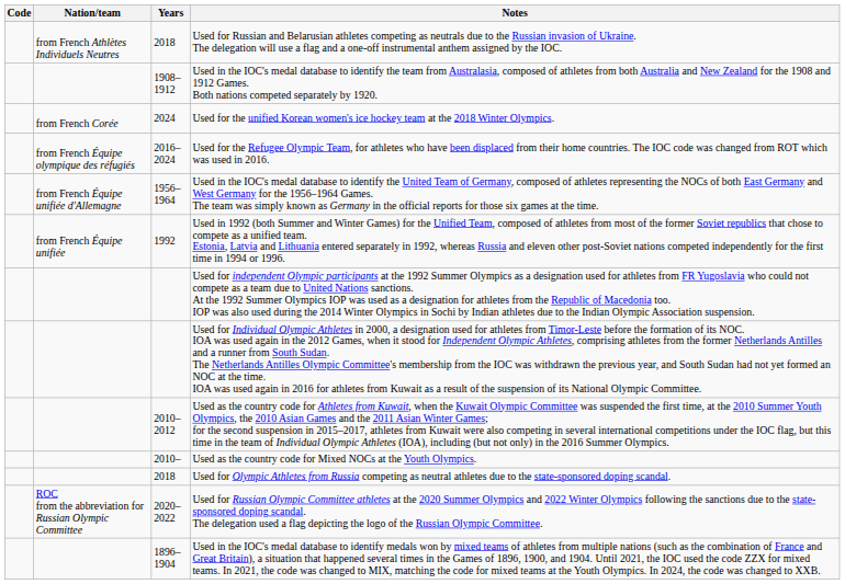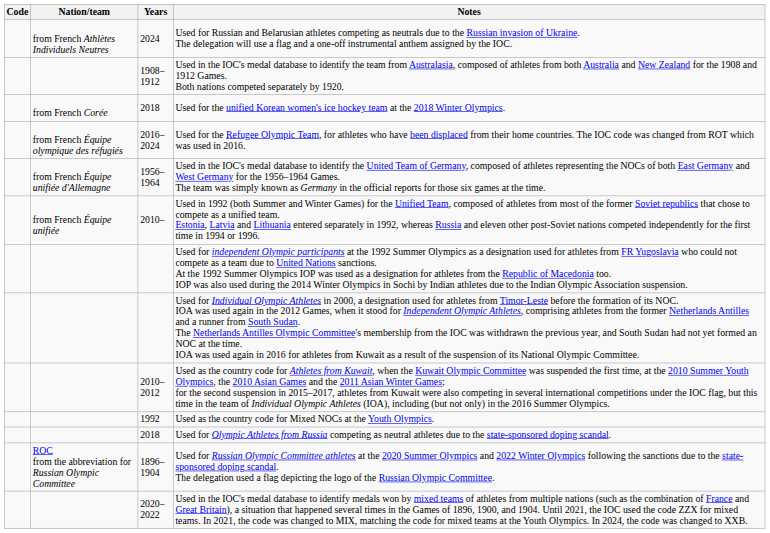 <table class="wikitable sortable">
 <tr>
 <th>Code</th>
 <th>Nation/team</th>
 <th>Years</th>
 <th>Notes</th>
 </tr>
 <tr>
 <td style="text-align:center;"></td>
 <td><br>from French <em>Athlètes Individuels Neutres</em></td>
-<td>2018</td>
+<td>2024</td>
 <td>Used for Russian and Belarusian athletes competing as neutrals due to the <a href='#'>Russian invasion of Ukraine</a>.<br>The delegation will use a flag and a one-off instrumental anthem assigned by the IOC.</td>
 </tr>
 <tr>
 <td style="text-align:center;"></td>
 <td></td>
 <td>1908–1912</td>
 <td>Used in the IOC's medal database to identify the team from <a href='#'>Australasia</a>, composed of athletes from both <a href='#'>Australia</a> and <a href='#'>New Zealand</a> for the 1908 and 1912 Games.<br>Both nations competed separately by 1920.</td>
 </tr>
 <tr>
 <td style="text-align:center;"></td>
 <td><br>from French <em>Corée</em></td>
-<td>2024</td>
+<td>2018</td>
 <td>Used for the <a href='#'>unified Korean women's ice hockey team</a> at the <a href='#'>2018 Winter Olympics</a>.</td>
 </tr>
 <tr>
 <td style="text-align:center;"></td>
 <td><br>from French <em>Équipe olympique des réfugiés</em></td>
 <td>2016–2024</td>
 <td>Used for the <a href='#'>Refugee Olympic Team</a>, for athletes who have <a href='#'>been displaced</a> from their home countries. The IOC code was changed from ROT which was used in 2016.</td>
 </tr>
 <tr>
 <td style="text-align:center;"></td>
 <td><br>from French <em>Équipe unifiée d'Allemagne</em></td>
 <td>1956–1964</td>
 <td>Used in the IOC's medal database to identify the <a href='#'>United Team of Germany</a>, composed of athletes representing the NOCs of both <a href='#'>East Germany</a> and <a href='#'>West Germany</a> for the 1956–1964 Games.<br>The team was simply known as <em>Germany</em> in the official reports for those six games at the time.</td>
 </tr>
 <tr>
 <td style="text-align:center;"></td>
 <td><br>from French <em>Équipe unifiée</em></td>
-<td>1992</td>
+<td>2010–</td>
 <td>Used in 1992 (both Summer and Winter Games) for the <a href='#'>Unified Team</a>, composed of athletes from most of the former <a href='#'>Soviet republics</a> that chose to compete as a unified team.<br><a href='#'>Estonia</a>, <a href='#'>Latvia</a> and <a href='#'>Lithuania</a> entered separately in 1992, whereas <a href='#'>Russia</a> and eleven other post-Soviet nations competed independently for the first time in 1994 or 1996.</td>
 </tr>
 <tr>
 <td style="text-align:center;"></td>
 <td></td>
 <td></td>
 <td>Used for <em><a href='#'>independent Olympic participants</a></em> at the 1992 Summer Olympics as a designation used for athletes from <a href='#'>FR Yugoslavia</a> who could not compete as a team due to <a href='#'>United Nations</a> sanctions.<br>At the 1992 Summer Olympics IOP was used as a designation for athletes from the <a href='#'>Republic of Macedonia</a> too.<br>IOP was also used during the 2014 Winter Olympics in Sochi by Indian athletes due to the Indian Olympic Association suspension.</td>
 </tr>
 <tr>
 <td style="text-align:center;"></td>
 <td></td>
 <td></td>
 <td>Used for <em><a href='#'>Individual Olympic Athletes</a></em> in 2000, a designation used for athletes from <a href='#'>Timor-Leste</a> before the formation of its NOC.<br>IOA was used again in the 2012 Games, when it stood for <em><a href='#'>Independent Olympic Athletes</a></em>, comprising athletes from the former <a href='#'>Netherlands Antilles</a> and a runner from <a href='#'>South Sudan</a>.<br>The <a href='#'>Netherlands Antilles Olympic Committee</a>'s membership from the IOC was withdrawn the previous year, and South Sudan had not yet formed an NOC at the time.<br>IOA was used again in 2016 for athletes from Kuwait as a result of the suspension of its National Olympic Committee.</td>
 </tr>
 <tr>
 <td style="text-align:center;"></td>
 <td></td>
 <td>2010–2012</td>
 <td>Used as the country code for <em><a href='#'>Athletes from Kuwait</a></em>, when the <a href='#'>Kuwait Olympic Committee</a> was suspended the first time, at the <a href='#'>2010 Summer Youth Olympics</a>, the <a href='#'>2010 Asian Games</a> and the <a href='#'>2011 Asian Winter Games</a>;<br>for the second suspension in 2015–2017, athletes from Kuwait were also competing in several international competitions under the IOC flag, but this time in the team of <em>Individual Olympic Athletes</em> (IOA), including (but not only) in the 2016 Summer Olympics.</td>
 </tr>
 <tr>
 <td style="text-align:center;"></td>
 <td></td>
-<td>2010–</td>
+<td>1992</td>
 <td>Used as the country code for Mixed NOCs at the <a href='#'>Youth Olympics</a>.</td>
 </tr>
 <tr>
 <td style="text-align:center;"></td>
 <td></td>
 <td>2018</td>
 <td>Used for <em><a href='#'>Olympic Athletes from Russia</a></em> competing as neutral athletes due to the <a href='#'>state-sponsored doping scandal</a>.</td>
 </tr>
 <tr>
 <td style="text-align:center;"></td>
 <td> <a href='#'>ROC</a><br>from the abbreviation for <em>Russian Olympic Committee</em></td>
-<td>2020–2022</td>
+<td>1896–1904</td>
 <td>Used for <em><a href='#'>Russian Olympic Committee athletes</a></em> at the <a href='#'>2020 Summer Olympics</a> and <a href='#'>2022 Winter Olympics</a> following the sanctions due to the <a href='#'>state-sponsored doping scandal</a>.<br>The delegation used a flag depicting the logo of the <a href='#'>Russian Olympic Committee</a>.</td>
 </tr>
 <tr>
 <td style="text-align:center;"></td>
 <td></td>
-<td>1896–1904</td>
+<td>2020–2022</td>
 <td>Used in the IOC's medal database to identify medals won by <a href='#'>mixed teams</a> of athletes from multiple nations (such as the combination of <a href='#'>France</a> and <a href='#'>Great Britain</a>), a situation that happened several times in the Games of 1896, 1900, and 1904. Until 2021, the IOC used the code ZZX for mixed teams. In 2021, the code was changed to MIX, matching the code for mixed teams at the Youth Olympics. In 2024, the code was changed to XXB.</td>
 </tr>
 </table>
